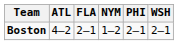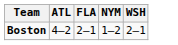 <table class="wikitable" style="text-align:center; font-size: 95%;">
 <tr>
 <th>Team</th>
 <th>ATL</th>
 <th>FLA</th>
 <th>NYM</th>
-<th>PHI</th>
 <th>WSH</th>
 </tr>
 <tr>
 <td><strong>Boston</strong></td>
 <td>4–2</td>
 <td>2–1</td>
 <td>1–2</td>
 <td>2–1</td>
-<td>2–1</td>
 </tr>
 </table>
